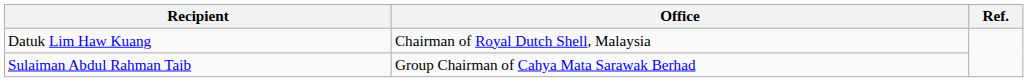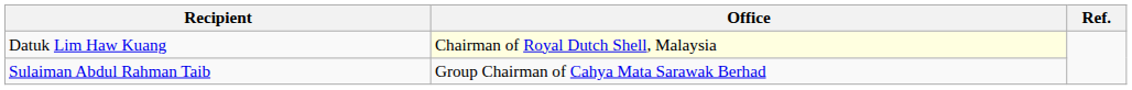 <table class="wikitable">
 <tr>
 <th width=400>Recipient</th>
 <th width=600>Office</th>
 <th width=50>Ref.</th>
 </tr>
 <tr>
 <td>Datuk <a href='#'>Lim Haw Kuang</a></td>
-<td>Chairman of <a href='#'>Royal Dutch Shell</a>, Malaysia</td>
+<td style="background: lightyellow;">Chairman of <a href='#'>Royal Dutch Shell</a>, Malaysia</td>
 <td rowspan="2" align=center></td>
 </tr>
 <tr>
 <td><a href='#'>Sulaiman Abdul Rahman Taib</a></td>
 <td>Group Chairman of <a href='#'>Cahya Mata Sarawak Berhad</a></td>
 </tr>
 </table>
